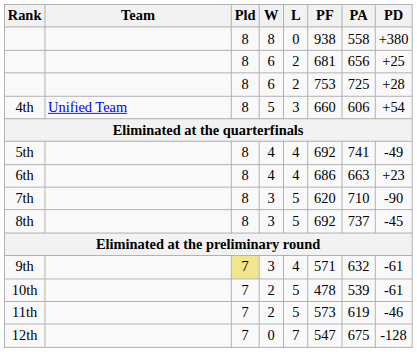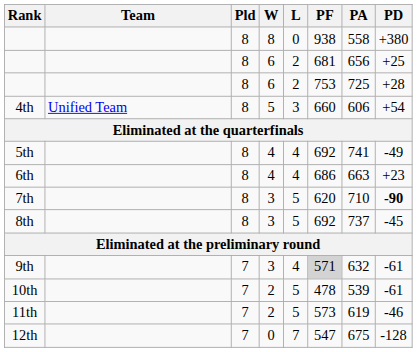 <table class=wikitable>
 <tr>
 <th>Rank</th>
 <th width=200px>Team</th>
 <th width=20px>Pld</th>
 <th width=20px>W</th>
 <th width=20px>L</th>
 <th width=30px>PF</th>
 <th width=30px>PA</th>
 <th width=30px>PD</th>
 </tr>
 <tr align=center>
 <td></td>
 <td align=left></td>
 <td>8</td>
 <td>8</td>
 <td>0</td>
 <td>938</td>
 <td>558</td>
 <td>+380</td>
 </tr>
 <tr align=center>
 <td></td>
 <td align=left></td>
 <td>8</td>
 <td>6</td>
 <td>2</td>
 <td>681</td>
 <td>656</td>
 <td>+25</td>
 </tr>
 <tr align=center>
 <td></td>
 <td align=left></td>
 <td>8</td>
 <td>6</td>
 <td>2</td>
 <td>753</td>
 <td>725</td>
 <td>+28</td>
 </tr>
 <tr align=center>
 <td>4th</td>
 <td align=left> <a href='#'>Unified Team</a></td>
 <td>8</td>
 <td>5</td>
 <td>3</td>
 <td>660</td>
 <td>606</td>
 <td>+54</td>
 </tr>
 <tr>
 <th colspan=8>Eliminated at the quarterfinals</th>
 </tr>
 <tr align=center>
 <td>5th</td>
 <td align=left></td>
 <td>8</td>
 <td>4</td>
 <td>4</td>
 <td>692</td>
 <td>741</td>
 <td>-49</td>
 </tr>
 <tr align=center>
 <td>6th</td>
 <td align=left></td>
 <td>8</td>
 <td>4</td>
 <td>4</td>
 <td>686</td>
 <td>663</td>
 <td>+23</td>
 </tr>
 <tr align=center>
 <td>7th</td>
 <td align=left></td>
 <td>8</td>
 <td>3</td>
 <td>5</td>
 <td>620</td>
 <td>710</td>
-<td>-90</td>
+<td><strong>-90</strong></td>
 </tr>
 <tr align=center>
 <td>8th</td>
 <td align=left></td>
 <td>8</td>
 <td>3</td>
 <td>5</td>
 <td>692</td>
 <td>737</td>
 <td>-45</td>
 </tr>
 <tr>
 <th colspan=8>Eliminated at the preliminary round</th>
 </tr>
 <tr align=center>
 <td>9th</td>
 <td align=left></td>
-<td style="background: khaki;">7</td>
+<td>7</td>
 <td>3</td>
 <td>4</td>
-<td>571</td>
+<td style="background: lightgrey;">571</td>
 <td>632</td>
 <td>-61</td>
 </tr>
 <tr align=center>
 <td>10th</td>
 <td align=left></td>
 <td>7</td>
 <td>2</td>
 <td>5</td>
 <td>478</td>
 <td>539</td>
 <td>-61</td>
 </tr>
 <tr align=center>
 <td>11th</td>
 <td align=left></td>
 <td>7</td>
 <td>2</td>
 <td>5</td>
 <td>573</td>
 <td>619</td>
 <td>-46</td>
 </tr>
 <tr align=center>
 <td>12th</td>
 <td align=left></td>
 <td>7</td>
 <td>0</td>
 <td>7</td>
 <td>547</td>
 <td>675</td>
 <td>-128</td>
 </tr>
 </table>
